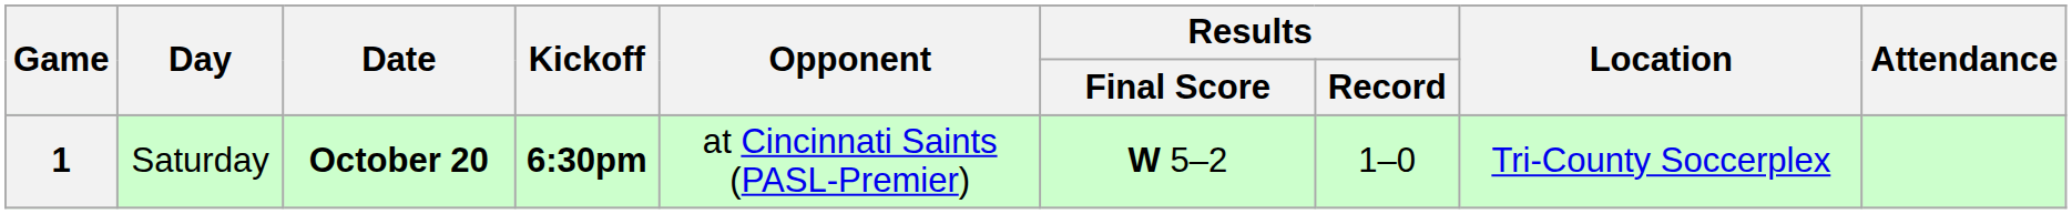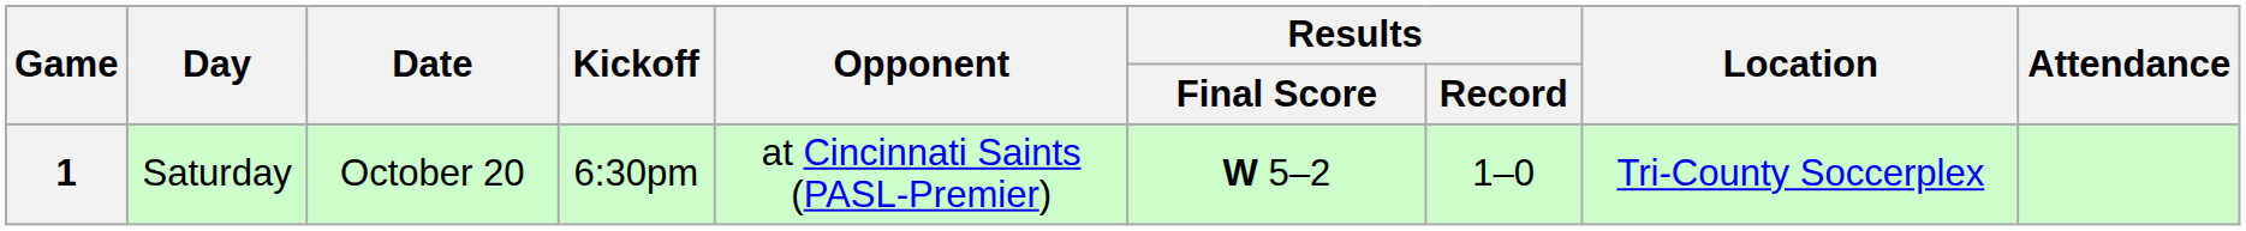 <table class="wikitable">
 <tr>
 <th rowspan="2" width="40">Game</th>
 <th rowspan="2" width="70">Day</th>
 <th rowspan="2" width="100">Date</th>
 <th rowspan="2" width="60">Kickoff</th>
 <th rowspan="2" width="170">Opponent</th>
 <th colspan="2" width="180">Results</th>
 <th rowspan="2" width="180">Location</th>
 <th rowspan="2" width="80">Attendance</th>
 </tr>
 <tr>
 <th width="120">Final Score</th>
 <th width="60">Record</th>
 </tr>
 <tr align="center" bgcolor="#CCFFCC">
 <th>1</th>
 <td>Saturday</td>
-<td><strong>October 20</strong></td>
-<td><strong>6:30pm</strong></td>
+<td>October 20</td>
+<td>6:30pm</td>
 <td>at <a href='#'>Cincinnati Saints</a><br>(<a href='#'>PASL-Premier</a>)</td>
 <td><strong>W</strong> 5–2</td>
 <td>1–0</td>
 <td><a href='#'>Tri-County Soccerplex</a></td>
 <td></td>
 </tr>
 </table>
